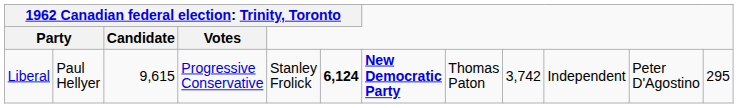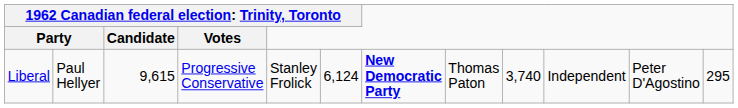 <table class="wikitable">
 <tr style="background:#e9e9e9;">
 <th colspan="6"><a href='#'>1962 Canadian federal election</a>: <a href='#'>Trinity, Toronto</a></th>
 </tr>
 <tr style="background:#e9e9e9;">
 <th colspan="2" style="width: 200px">Party</th>
 <th style="width: 170px">Candidate</th>
 <th style="width: 40px">Votes</th>
 </tr>
 <tr>
 <td><a href='#'>Liberal</a></td>
 <td>Paul Hellyer</td>
 <td align="right">9,615<br></td>
 <td><a href='#'>Progressive Conservative</a></td>
 <td>Stanley Frolick</td>
-<td align="right"><strong>6,124<br></strong></td>
+<td align="right">6,124<br></td>
 <td><strong><a href='#'>New Democratic Party</a></strong></td>
 <td>Thomas Paton</td>
-<td align="right">3,742<br> </td>
+<td align="right">3,740<br> </td>
 <td>Independent</td>
 <td>Peter D'Agostino</td>
 <td align="right">295<br></td>
 </tr>
 </table>
